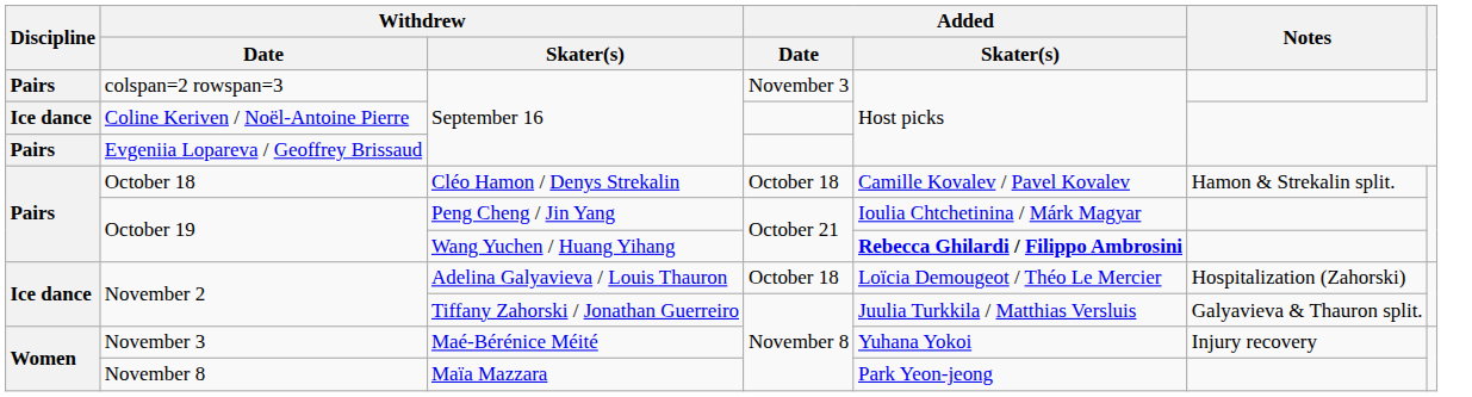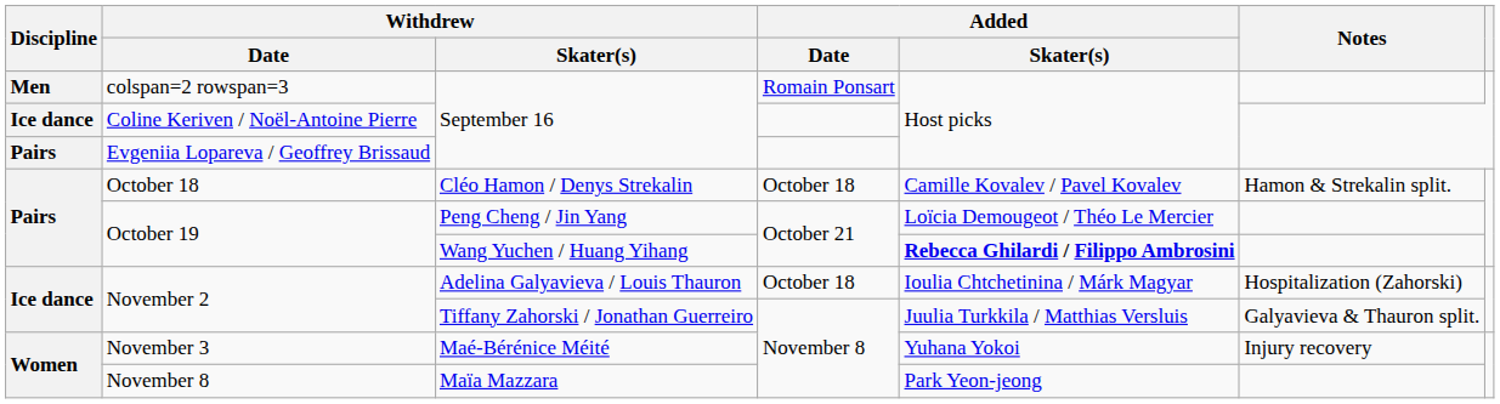 <table class="wikitable unsortable">
 <tr>
 <th scope="col" rowspan=2>Discipline</th>
 <th scope="col" colspan=2>Withdrew</th>
 <th scope="col" colspan=2>Added</th>
 <th scope="col" rowspan=2>Notes</th>
 <th scope="col" rowspan=2></th>
 </tr>
 <tr>
 <th>Date</th>
 <th>Skater(s)</th>
 <th>Date</th>
 <th>Skater(s)</th>
 </tr>
 <tr>
-<th scope="row" style="text-align:left">Pairs</th>
+<th scope="row" style="text-align:left">Men</th>
 <td>colspan=2 rowspan=3 </td>
 <td rowspan=3>September 16</td>
-<td>November 3</td>
+<td> <a href='#'>Romain Ponsart</a></td>
 <td rowspan=3>Host picks</td>
 <td></td>
 </tr>
 <tr>
 <th scope="row" style="text-align:left">Ice dance</th>
 <td> <a href='#'>Coline Keriven</a> / <a href='#'>Noël-Antoine Pierre</a></td>
 <td></td>
 </tr>
 <tr>
 <th scope="row" style="text-align:left">Pairs</th>
 <td> <a href='#'>Evgeniia Lopareva</a> / <a href='#'>Geoffrey Brissaud</a></td>
 <td></td>
 </tr>
 <tr>
 <th scope="row" style="text-align:left" rowspan=3>Pairs</th>
 <td>October 18</td>
 <td> <a href='#'>Cléo Hamon</a> / <a href='#'>Denys Strekalin</a></td>
 <td>October 18</td>
 <td> <a href='#'>Camille Kovalev</a> / <a href='#'>Pavel Kovalev</a></td>
 <td>Hamon & Strekalin split.</td>
 <td rowspan=3></td>
 </tr>
 <tr>
 <td rowspan=2>October 19</td>
 <td> <a href='#'>Peng Cheng</a> / <a href='#'>Jin Yang</a></td>
 <td rowspan=2>October 21</td>
-<td> <a href='#'>Ioulia Chtchetinina</a> / <a href='#'>Márk Magyar</a></td>
+<td> <a href='#'>Loïcia Demougeot</a> / <a href='#'>Théo Le Mercier</a></td>
 <td></td>
 </tr>
 <tr>
 <td> <a href='#'>Wang Yuchen</a> / <a href='#'>Huang Yihang</a></td>
 <td><strong> <a href='#'>Rebecca Ghilardi</a> / <a href='#'>Filippo Ambrosini</a></strong></td>
 <td></td>
 </tr>
 <tr>
 <th scope="row" style="text-align:left" rowspan=2>Ice dance</th>
 <td rowspan=2>November 2</td>
 <td> <a href='#'>Adelina Galyavieva</a> / <a href='#'>Louis Thauron</a></td>
 <td>October 18</td>
-<td> <a href='#'>Loïcia Demougeot</a> / <a href='#'>Théo Le Mercier</a></td>
+<td> <a href='#'>Ioulia Chtchetinina</a> / <a href='#'>Márk Magyar</a></td>
 <td>Hospitalization (Zahorski)</td>
 <td rowspan=2></td>
 </tr>
 <tr>
 <td> <a href='#'>Tiffany Zahorski</a> / <a href='#'>Jonathan Guerreiro</a></td>
 <td rowspan=3>November 8</td>
 <td> <a href='#'>Juulia Turkkila</a> / <a href='#'>Matthias Versluis</a></td>
 <td>Galyavieva & Thauron split.</td>
 </tr>
 <tr>
 <th scope="row" style="text-align:left" rowspan=2>Women</th>
 <td>November 3</td>
 <td> <a href='#'>Maé-Bérénice Méité</a></td>
 <td> <a href='#'>Yuhana Yokoi</a></td>
 <td>Injury recovery</td>
 <td rowspan=2></td>
 </tr>
 <tr>
 <td>November 8</td>
 <td> <a href='#'>Maïa Mazzara</a></td>
 <td> <a href='#'>Park Yeon-jeong</a></td>
 <td></td>
 </tr>
 </table>
